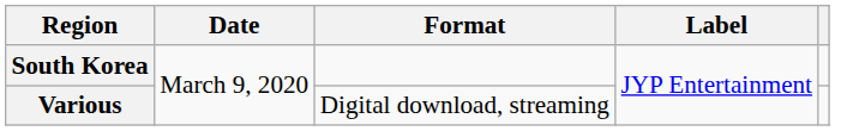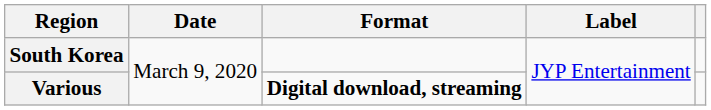 <table class="wikitable plainrowheaders">
 <tr>
 <th scope="col">Region</th>
 <th scope="col">Date</th>
 <th scope="col">Format</th>
 <th scope="col">Label</th>
 <th></th>
 </tr>
 <tr>
 <th scope="row">South Korea</th>
 <td rowspan="2">March 9, 2020</td>
 <td></td>
 <td rowspan="2"><a href='#'>JYP Entertainment</a></td>
 <td></td>
 </tr>
 <tr>
 <th scope="row">Various</th>
-<td>Digital download, streaming</td>
+<td><strong>Digital download, streaming</strong></td>
 <td style="text-align:center"></td>
 </tr>
 </table>
